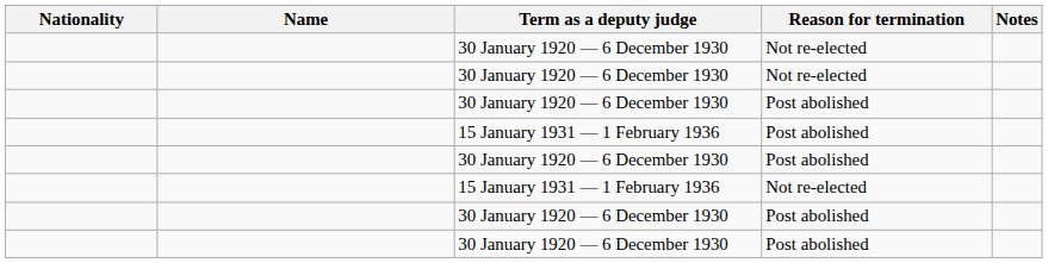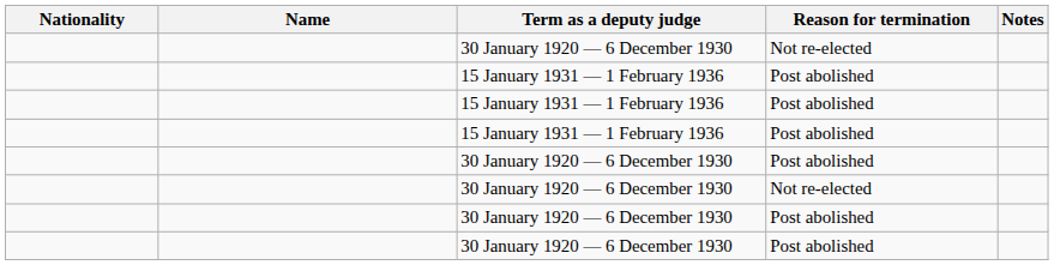 <table class="wikitable sortable" border="1" style="align:left;">
 <tr>
 <th width="130">Nationality</th>
 <th width="260">Name</th>
 <th width="270" class=unsortable>Term as a deputy judge</th>
 <th width="200" class=unsortable>Reason for termination</th>
 <th width="10" class=unsortable>Notes</th>
 </tr>
 <tr>
 <td></td>
 <td></td>
 <td>30 January 1920 — 6 December 1930</td>
 <td>Not re-elected</td>
 <td></td>
 </tr>
 <tr>
 <td></td>
 <td></td>
-<td>30 January 1920 — 6 December 1930</td>
-<td>Not re-elected</td>
+<td>15 January 1931 — 1 February 1936</td>
+<td>Post abolished</td>
 <td></td>
 </tr>
 <tr>
 <td></td>
 <td></td>
-<td>30 January 1920 — 6 December 1930</td>
+<td>15 January 1931 — 1 February 1936</td>
 <td>Post abolished</td>
 <td></td>
 </tr>
 <tr>
 <td></td>
 <td></td>
 <td>15 January 1931 — 1 February 1936</td>
 <td>Post abolished</td>
 <td></td>
 </tr>
 <tr>
 <td></td>
 <td></td>
 <td>30 January 1920 — 6 December 1930</td>
 <td>Post abolished</td>
 <td></td>
 </tr>
 <tr>
 <td></td>
 <td></td>
-<td>15 January 1931 — 1 February 1936</td>
+<td>30 January 1920 — 6 December 1930</td>
 <td>Not re-elected</td>
 <td></td>
 </tr>
 <tr>
 <td></td>
 <td></td>
 <td>30 January 1920 — 6 December 1930</td>
 <td>Post abolished</td>
 <td></td>
 </tr>
 <tr>
 <td></td>
 <td></td>
 <td>30 January 1920 — 6 December 1930</td>
 <td>Post abolished</td>
 <td></td>
 </tr>
 </table>
